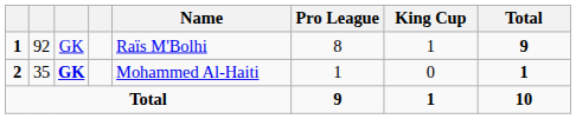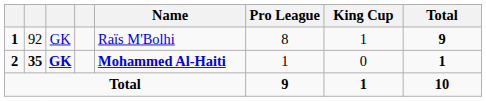 <table class="wikitable" style="text-align:center">
 <tr>
 <th width=15></th>
 <th width=15></th>
 <th width=15></th>
 <th width=15></th>
 <th width=160>Name</th>
 <th width=80>Pro League</th>
 <th width=80>King Cup</th>
 <th width=80>Total</th>
 </tr>
 <tr>
 <td><strong>1</strong></td>
 <td>92</td>
 <td><a href='#'>GK</a></td>
 <td></td>
 <td align=left><a href='#'>Raïs M'Bolhi</a></td>
 <td>8</td>
 <td>1</td>
 <td><strong>9</strong></td>
 </tr>
 <tr>
 <td><strong>2</strong></td>
-<td>35</td>
+<td><strong>35</strong></td>
 <td><strong><a href='#'>GK</a></strong></td>
 <td></td>
-<td align=left><a href='#'>Mohammed Al-Haiti</a></td>
+<td align=left><strong><a href='#'>Mohammed Al-Haiti</a></strong></td>
 <td>1</td>
 <td>0</td>
 <td><strong>1</strong></td>
 </tr>
 <tr>
 <td colspan=5><strong>Total</strong></td>
 <td><strong>9</strong></td>
 <td><strong>1</strong></td>
 <td><strong>10</strong></td>
 </tr>
 </table>
